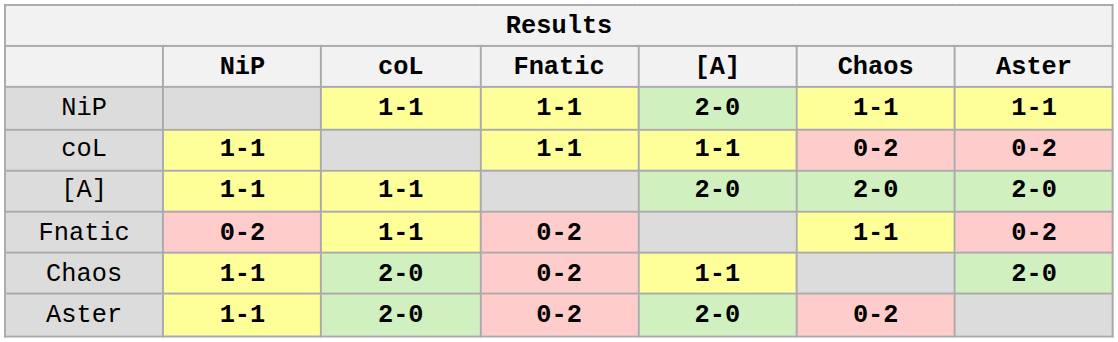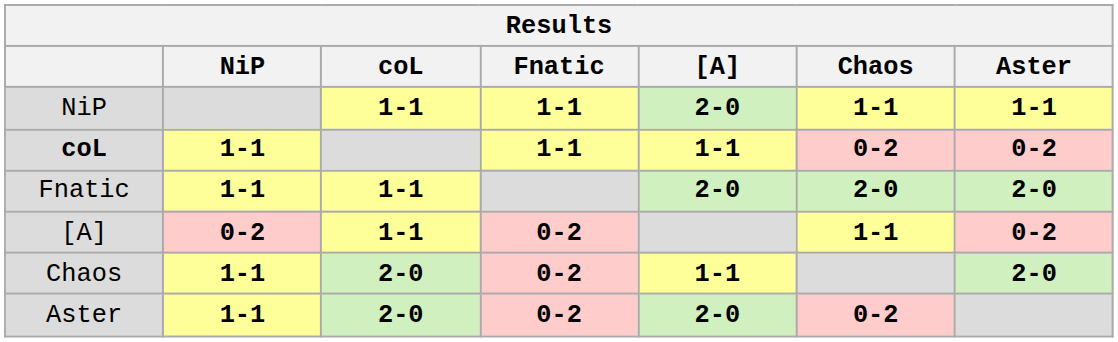 <table class="wikitable" style="text-align: center;">
 <tr>
 <th colspan=15>Results</th>
 </tr>
 <tr>
 <th width="75px"></th>
 <th width="75px">NiP</th>
 <th width="75px">coL</th>
 <th width="75px">Fnatic</th>
 <th width="75px">[A]</th>
 <th width="75px">Chaos</th>
 <th width="75px">Aster</th>
 </tr>
 <tr>
 <td style="background: #DCDCDC;">NiP</td>
 <td style="background: #DCDCDC;"></td>
 <td style="background: #FFFF99;"><strong>1-1</strong></td>
 <td style="background: #FFFF99;"><strong>1-1</strong></td>
 <td style="background: #D0F0C0;"><strong>2-0</strong></td>
 <td style="background: #FFFF99;"><strong>1-1</strong></td>
 <td style="background: #FFFF99;"><strong>1-1</strong></td>
 </tr>
 <tr>
-<td style="background: #DCDCDC;">coL</td>
+<td style="background: #DCDCDC;"><strong>coL</strong></td>
 <td style="background: #FFFF99;"><strong>1-1</strong></td>
 <td style="background: #DCDCDC;"></td>
 <td style="background: #FFFF99;"><strong>1-1</strong></td>
 <td style="background: #FFFF99;"><strong>1-1</strong></td>
 <td style="background: #FFCCCC;"><strong>0-2</strong></td>
 <td style="background: #FFCCCC;"><strong>0-2</strong></td>
 </tr>
 <tr>
-<td style="background: #DCDCDC;">[A]</td>
+<td style="background: #DCDCDC;">Fnatic</td>
 <td style="background: #FFFF99;"><strong>1-1</strong></td>
 <td style="background: #FFFF99;"><strong>1-1</strong></td>
 <td style="background: #DCDCDC;"></td>
 <td style="background: #D0F0C0;"><strong>2-0</strong></td>
 <td style="background: #D0F0C0;"><strong>2-0</strong></td>
 <td style="background: #D0F0C0;"><strong>2-0</strong></td>
 </tr>
 <tr>
-<td style="background: #DCDCDC;">Fnatic</td>
+<td style="background: #DCDCDC;">[A]</td>
 <td style="background: #FFCCCC;"><strong>0-2</strong></td>
 <td style="background: #FFFF99;"><strong>1-1</strong></td>
 <td style="background: #FFCCCC;"><strong>0-2</strong></td>
 <td style="background: #DCDCDC;"></td>
 <td style="background: #FFFF99;"><strong>1-1</strong></td>
 <td style="background: #FFCCCC;"><strong>0-2</strong></td>
 </tr>
 <tr>
 <td style="background: #DCDCDC;">Chaos</td>
 <td style="background: #FFFF99;"><strong>1-1</strong></td>
 <td style="background: #D0F0C0;"><strong>2-0</strong></td>
 <td style="background: #FFCCCC;"><strong>0-2</strong></td>
 <td style="background: #FFFF99;"><strong>1-1</strong></td>
 <td style="background: #DCDCDC;"></td>
 <td style="background: #D0F0C0;"><strong>2-0</strong></td>
 </tr>
 <tr>
 <td style="background: #DCDCDC;">Aster</td>
 <td style="background: #FFFF99;"><strong>1-1</strong></td>
 <td style="background: #D0F0C0;"><strong>2-0</strong></td>
 <td style="background: #FFCCCC;"><strong>0-2</strong></td>
 <td style="background: #D0F0C0;"><strong>2-0</strong></td>
 <td style="background: #FFCCCC;"><strong>0-2</strong></td>
 <td style="background: #DCDCDC;"></td>
 </tr>
 </table>
